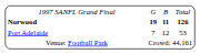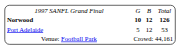 <table style="margin-right:4px; margin-top:8px; float:right; border:1px #000 solid; border-radius:8px; background:#fff; font-family:Verdana; font-size:8pt; text-align:center;">
 <tr>
 <td width=200><em>1997 SANFL Grand Final</em></td>
 <td><em>G</em></td>
 <td><em>B</em></td>
 <td><em>Total</em></td>
 </tr>
 <tr>
 <td style="text-align:left"><strong>Norwood</strong></td>
-<td><strong>19</strong></td>
-<td><strong>11</strong></td>
+<td><strong>10</strong></td>
+<td><strong>12</strong></td>
 <td><strong>126</strong></td>
 </tr>
 <tr>
 <td style="text-align:left"><a href='#'>Port Adelaide</a></td>
-<td>7</td>
+<td>5</td>
 <td>12</td>
 <td>53</td>
 </tr>
 <tr>
 <td>Venue: <a href='#'>Football Park</a></td>
 <td colspan=3>Crowd: 44,161</td>
 </tr>
 </table>
